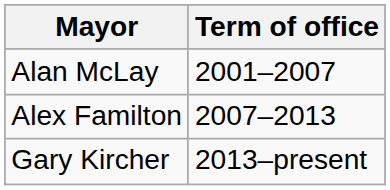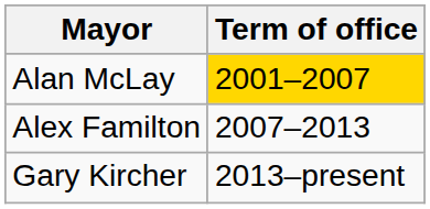 <table class="wikitable">
 <tr>
 <th>Mayor</th>
 <th>Term of office</th>
 </tr>
 <tr>
 <td>Alan McLay</td>
-<td>2001–2007</td>
+<td style="background: gold;">2001–2007</td>
 </tr>
 <tr>
 <td>Alex Familton</td>
 <td>2007–2013</td>
 </tr>
 <tr>
 <td>Gary Kircher</td>
 <td>2013–present</td>
 </tr>
 </table>
